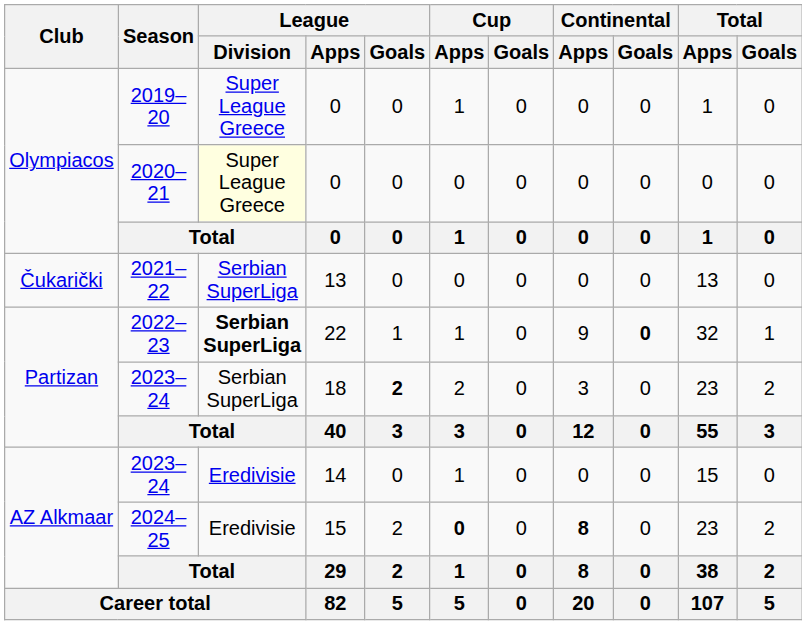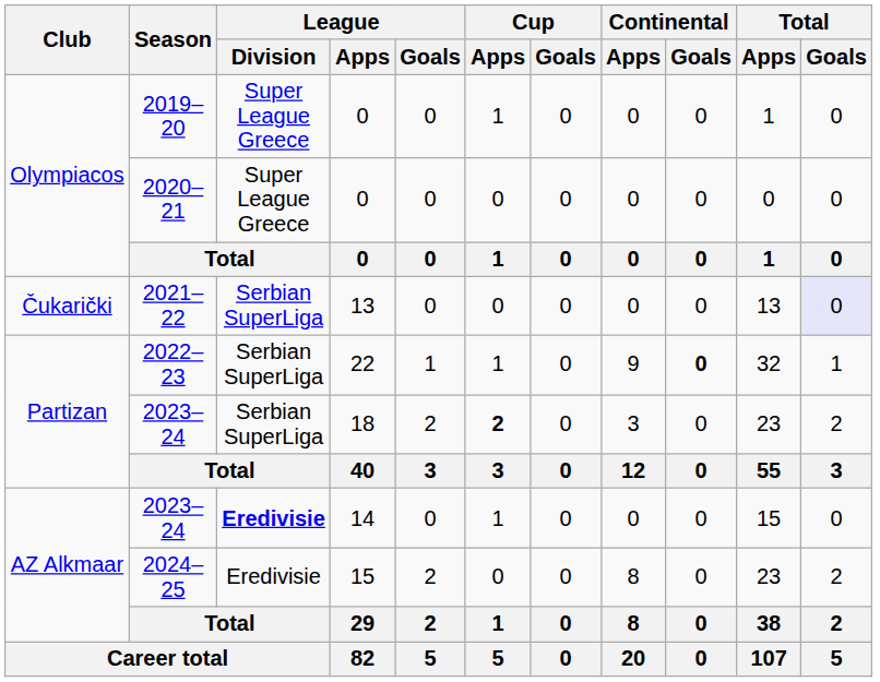 <table class="wikitable" style="text-align:center">
 <tr>
 <th rowspan="2">Club</th>
 <th rowspan="2">Season</th>
 <th colspan="3">League</th>
 <th colspan="2">Cup</th>
 <th colspan="2">Continental</th>
 <th colspan="2">Total</th>
 </tr>
 <tr>
 <th>Division</th>
 <th>Apps</th>
 <th>Goals</th>
 <th>Apps</th>
 <th>Goals</th>
 <th>Apps</th>
 <th>Goals</th>
 <th>Apps</th>
 <th>Goals</th>
 </tr>
 <tr>
 <td rowspan="3"><a href='#'>Olympiacos</a></td>
 <td><a href='#'>2019–20</a></td>
 <td><a href='#'>Super League Greece</a></td>
 <td>0</td>
 <td>0</td>
 <td>1</td>
 <td>0</td>
 <td>0</td>
 <td>0</td>
 <td>1</td>
 <td>0</td>
 </tr>
 <tr>
 <td><a href='#'>2020–21</a></td>
-<td style="background: lightyellow;">Super League Greece</td>
+<td>Super League Greece</td>
 <td>0</td>
 <td>0</td>
 <td>0</td>
 <td>0</td>
 <td>0</td>
 <td>0</td>
 <td>0</td>
 <td>0</td>
 </tr>
 <tr>
 <th colspan="2">Total</th>
 <th>0</th>
 <th>0</th>
 <th>1</th>
 <th>0</th>
 <th>0</th>
 <th>0</th>
 <th>1</th>
 <th>0</th>
 </tr>
 <tr>
 <td><a href='#'>Čukarički</a></td>
 <td><a href='#'>2021–22</a></td>
 <td><a href='#'>Serbian SuperLiga</a></td>
 <td>13</td>
 <td>0</td>
 <td>0</td>
 <td>0</td>
 <td>0</td>
 <td>0</td>
 <td>13</td>
-<td>0</td>
+<td style="background: lavender;">0</td>
 </tr>
 <tr>
 <td rowspan="3"><a href='#'>Partizan</a></td>
 <td><a href='#'>2022–23</a></td>
-<td><strong>Serbian SuperLiga</strong></td>
+<td>Serbian SuperLiga</td>
 <td>22</td>
 <td>1</td>
 <td>1</td>
 <td>0</td>
 <td>9</td>
 <td><strong>0</strong></td>
 <td>32</td>
 <td>1</td>
 </tr>
 <tr>
 <td><a href='#'>2023–24</a></td>
 <td>Serbian SuperLiga</td>
 <td>18</td>
+<td>2</td>
 <td><strong>2</strong></td>
-<td>2</td>
 <td>0</td>
 <td>3</td>
 <td>0</td>
 <td>23</td>
 <td>2</td>
 </tr>
 <tr>
 <th colspan="2">Total</th>
 <th>40</th>
 <th>3</th>
 <th>3</th>
 <th>0</th>
 <th>12</th>
 <th>0</th>
 <th>55</th>
 <th>3</th>
 </tr>
 <tr>
 <td rowspan="3"><a href='#'>AZ Alkmaar</a></td>
 <td><a href='#'>2023–24</a></td>
-<td><a href='#'>Eredivisie</a></td>
+<td><strong><a href='#'>Eredivisie</a></strong></td>
 <td>14</td>
 <td>0</td>
 <td>1</td>
 <td>0</td>
 <td>0</td>
 <td>0</td>
 <td>15</td>
 <td>0</td>
 </tr>
 <tr>
 <td><a href='#'>2024–25</a></td>
 <td>Eredivisie</td>
 <td>15</td>
 <td>2</td>
-<td><strong>0</strong></td>
 <td>0</td>
-<td><strong>8</strong></td>
+<td>0</td>
+<td>8</td>
 <td>0</td>
 <td>23</td>
 <td>2</td>
 </tr>
 <tr>
 <th colspan="2">Total</th>
 <th>29</th>
 <th>2</th>
 <th>1</th>
 <th>0</th>
 <th>8</th>
 <th>0</th>
 <th>38</th>
 <th>2</th>
 </tr>
 <tr>
 <th colspan="3">Career total</th>
 <th>82</th>
 <th>5</th>
 <th>5</th>
 <th>0</th>
 <th>20</th>
 <th>0</th>
 <th>107</th>
 <th>5</th>
 </tr>
 </table>
